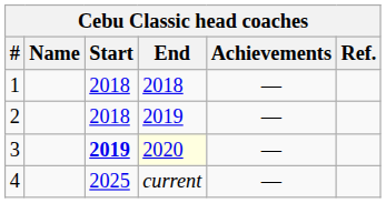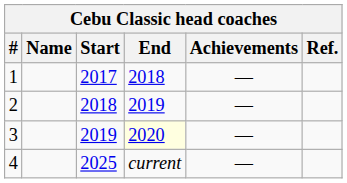 <table class="wikitable sortable">
 <tr>
 <th colspan="6">Cebu Classic head coaches</th>
 </tr>
 <tr>
 <th>#</th>
 <th>Name</th>
 <th>Start</th>
 <th>End</th>
 <th>Achievements</th>
 <th>Ref.</th>
 </tr>
 <tr>
 <td align=center>1</td>
 <td></td>
-<td><a href='#'>2018</a></td>
+<td><a href='#'>2017</a></td>
 <td><a href='#'>2018</a></td>
 <td align=center>—</td>
 <td></td>
 </tr>
 <tr>
 <td align=center>2</td>
 <td></td>
 <td><a href='#'>2018</a></td>
 <td><a href='#'>2019</a></td>
 <td align=center>—</td>
 <td></td>
 </tr>
 <tr>
 <td align=center>3</td>
 <td></td>
-<td><strong><a href='#'>2019</a></strong></td>
+<td><a href='#'>2019</a></td>
 <td style="background: lightyellow;"><a href='#'>2020</a></td>
 <td align=center>—</td>
 <td></td>
 </tr>
 <tr>
 <td align=center>4</td>
 <td></td>
 <td><a href='#'>2025</a></td>
 <td><em>current</em></td>
 <td align=center>—</td>
 <td></td>
 </tr>
 </table>
